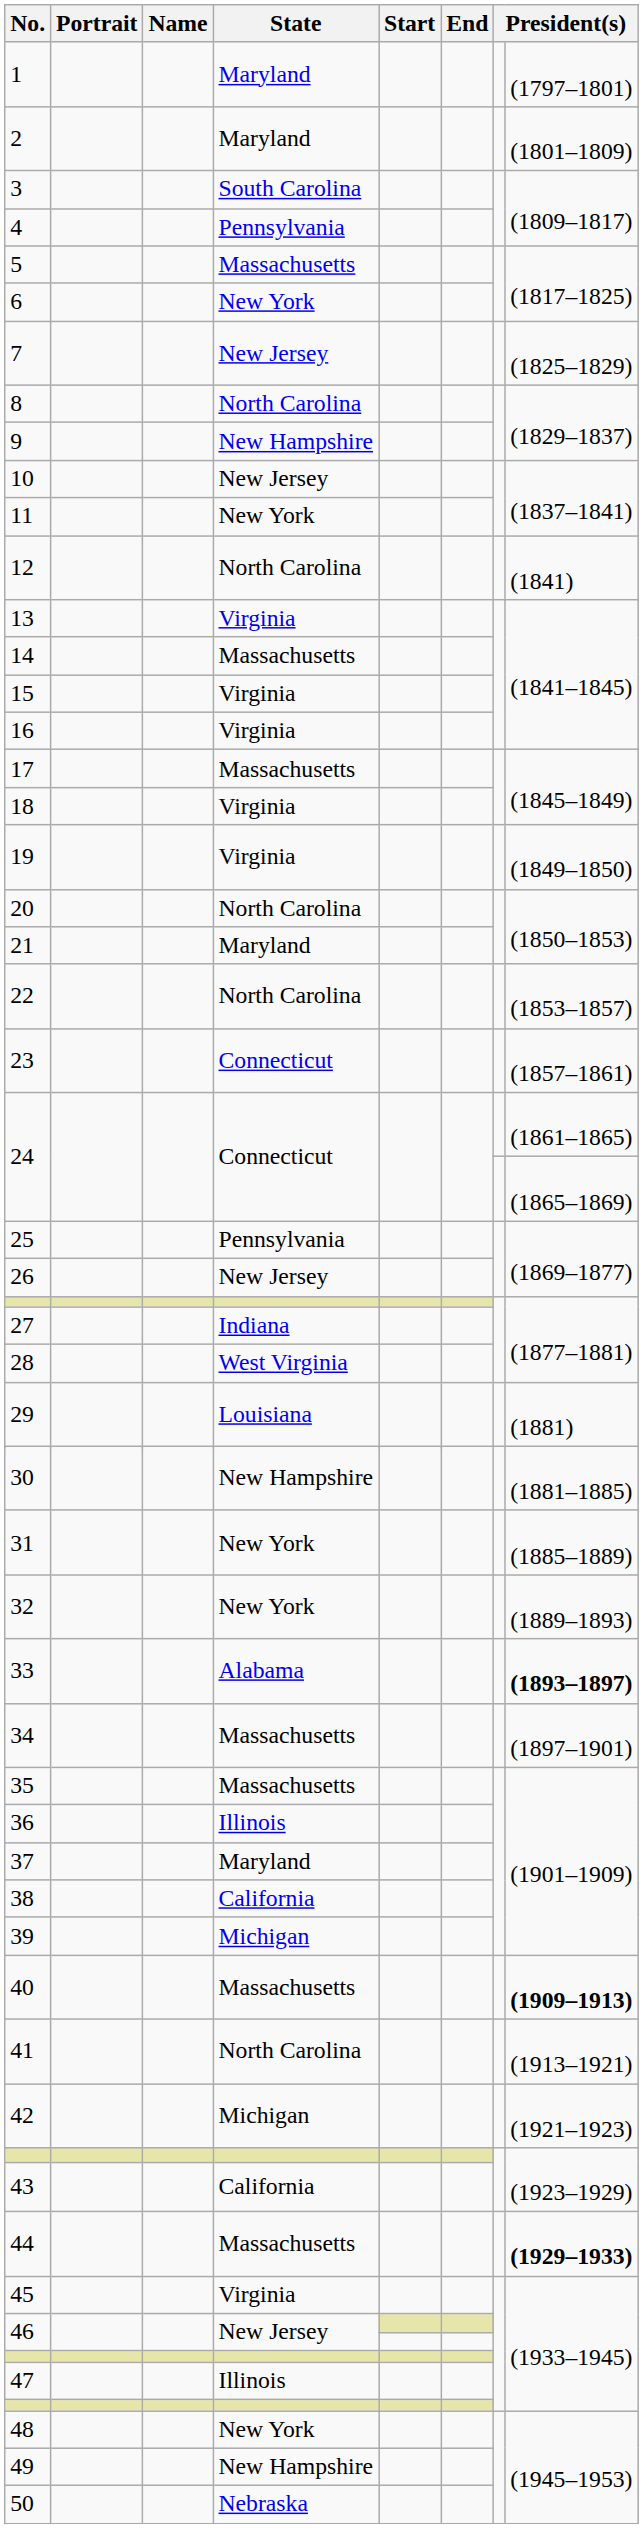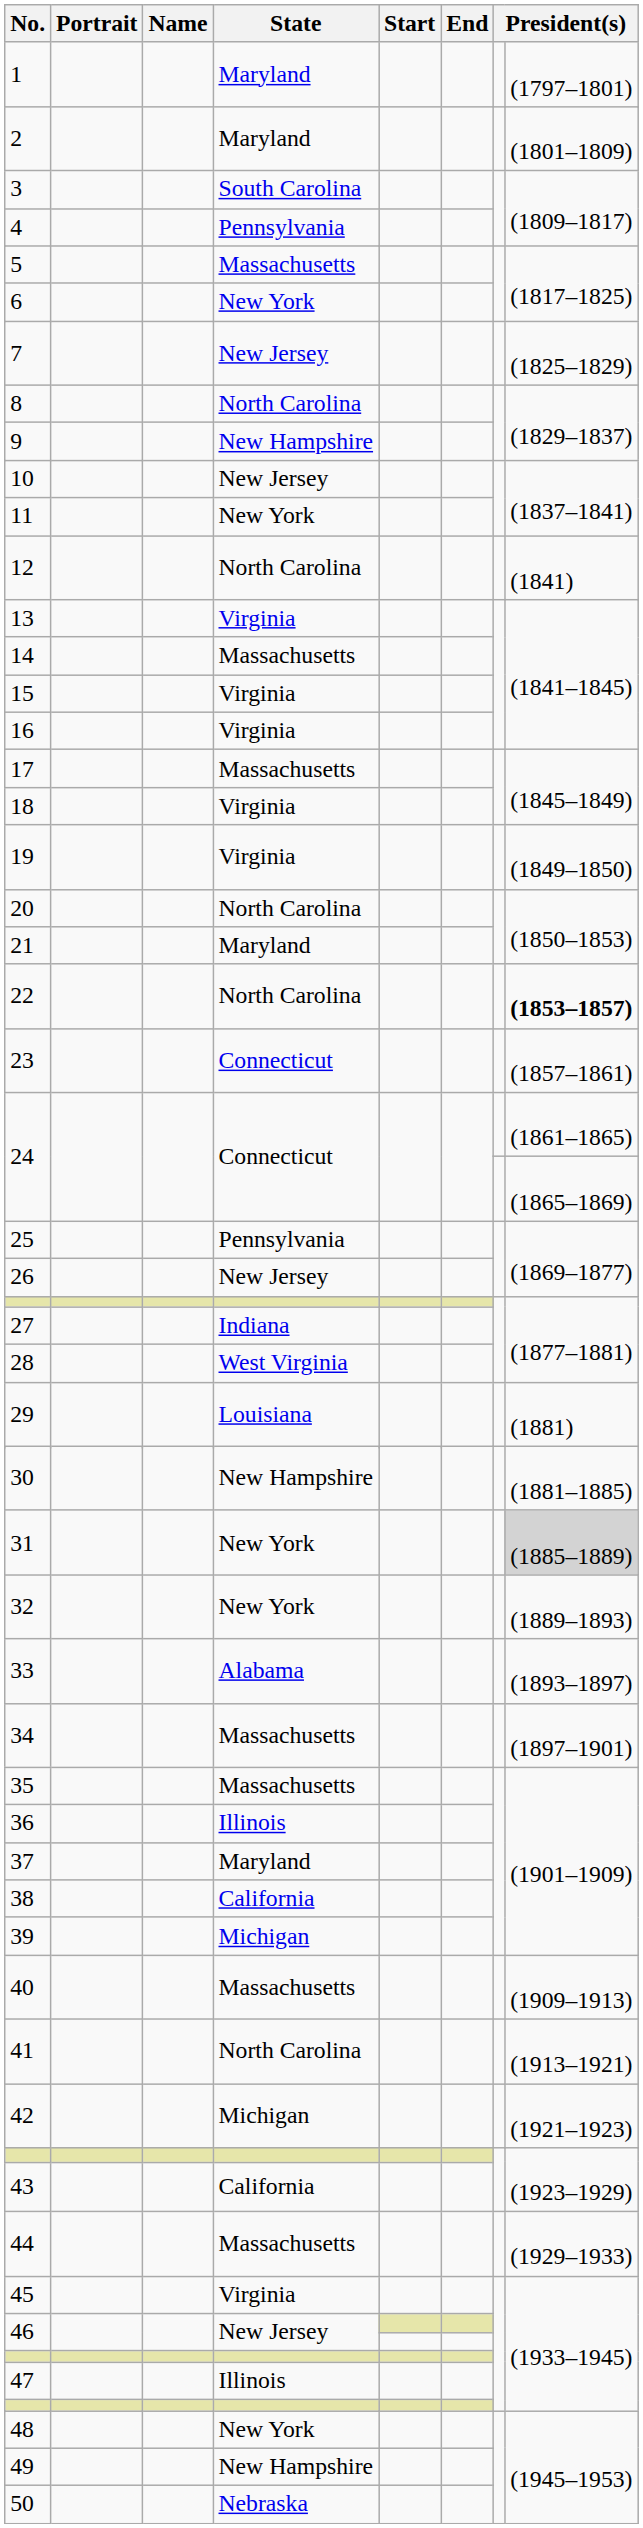 <table class="wikitable sortable">
 <tr>
 <th>No.</th>
 <th class=unsortable>Portrait</th>
 <th>Name</th>
 <th>State</th>
 <th>Start</th>
 <th>End</th>
 <th colspan=2>President(s)</th>
 </tr>
 <tr>
 <td rowspan=2>1</td>
 <td rowspan=2></td>
 <td rowspan=2></td>
 <td rowspan=2><a href='#'>Maryland</a></td>
 <td rowspan=2></td>
 <td rowspan=2></td>
 <td style="background: "></td>
 <td><br>(1797–1801)</td>
 </tr>
 <tr>
 <td rowspan=2 style="background: "></td>
 <td rowspan=2><br>(1801–1809)</td>
 </tr>
 <tr>
 <td>2</td>
 <td></td>
 <td></td>
 <td>Maryland</td>
 <td></td>
 <td></td>
 </tr>
 <tr>
 <td>3</td>
 <td></td>
 <td></td>
 <td><a href='#'>South Carolina</a></td>
 <td></td>
 <td></td>
 <td rowspan=3 style="background: "></td>
 <td rowspan=3><br>(1809–1817)</td>
 </tr>
 <tr>
 <td>4</td>
 <td></td>
 <td></td>
 <td><a href='#'>Pennsylvania</a></td>
 <td></td>
 <td></td>
 </tr>
 <tr>
 <td rowspan=2>5</td>
 <td rowspan=2></td>
 <td rowspan=2></td>
 <td rowspan=2><a href='#'>Massachusetts</a></td>
 <td rowspan=2></td>
 <td rowspan=2></td>
 </tr>
 <tr>
 <td rowspan=3 style="background: "></td>
 <td rowspan=3><br>(1817–1825)</td>
 </tr>
 <tr>
 <td>6</td>
 <td></td>
 <td></td>
 <td><a href='#'>New York</a></td>
 <td></td>
 <td></td>
 </tr>
 <tr>
 <td rowspan=2>7</td>
 <td rowspan=2></td>
 <td rowspan=2></td>
 <td rowspan=2><a href='#'>New Jersey</a></td>
 <td rowspan=2></td>
 <td rowspan=2></td>
 </tr>
 <tr>
 <td style="background: "></td>
 <td><br>(1825–1829)</td>
 </tr>
 <tr>
 <td>8</td>
 <td></td>
 <td></td>
 <td><a href='#'>North Carolina</a></td>
 <td></td>
 <td></td>
 <td rowspan=3 style="background: "></td>
 <td rowspan=3><br>(1829–1837)</td>
 </tr>
 <tr>
 <td>9</td>
 <td></td>
 <td></td>
 <td><a href='#'>New Hampshire</a></td>
 <td></td>
 <td></td>
 </tr>
 <tr>
 <td rowspan=2>10</td>
 <td rowspan=2></td>
 <td rowspan=2></td>
 <td rowspan=2>New Jersey</td>
 <td rowspan=2></td>
 <td rowspan=2></td>
 </tr>
 <tr>
 <td rowspan=2 style="background: "></td>
 <td rowspan=2><br>(1837–1841)</td>
 </tr>
 <tr>
 <td>11</td>
 <td></td>
 <td></td>
 <td>New York</td>
 <td></td>
 <td></td>
 </tr>
 <tr>
 <td rowspan=2>12</td>
 <td rowspan=2></td>
 <td rowspan=2></td>
 <td rowspan=2>North Carolina</td>
 <td rowspan=2></td>
 <td rowspan=2></td>
 <td style="background: "></td>
 <td><br>(1841)</td>
 </tr>
 <tr>
 <td rowspan=5 style="background: "></td>
 <td rowspan=5><br>(1841–1845)</td>
 </tr>
 <tr>
 <td>13</td>
 <td></td>
 <td></td>
 <td><a href='#'>Virginia</a></td>
 <td></td>
 <td></td>
 </tr>
 <tr>
 <td>14</td>
 <td></td>
 <td></td>
 <td>Massachusetts</td>
 <td></td>
 <td></td>
 </tr>
 <tr>
 <td>15</td>
 <td></td>
 <td></td>
 <td>Virginia</td>
 <td></td>
 <td></td>
 </tr>
 <tr>
 <td>16</td>
 <td></td>
 <td></td>
 <td>Virginia</td>
 <td></td>
 <td></td>
 </tr>
 <tr>
 <td>17</td>
 <td></td>
 <td></td>
 <td>Massachusetts</td>
 <td></td>
 <td></td>
 <td rowspan=2 style="background: "></td>
 <td rowspan=2><br>(1845–1849)</td>
 </tr>
 <tr>
 <td>18</td>
 <td></td>
 <td></td>
 <td>Virginia</td>
 <td></td>
 <td></td>
 </tr>
 <tr>
 <td>19</td>
 <td></td>
 <td></td>
 <td>Virginia</td>
 <td></td>
 <td></td>
 <td style="background: "></td>
 <td><br>(1849–1850)</td>
 </tr>
 <tr>
 <td>20</td>
 <td></td>
 <td></td>
 <td>North Carolina</td>
 <td></td>
 <td></td>
 <td rowspan=2 style="background: "></td>
 <td rowspan=2><br>(1850–1853)</td>
 </tr>
 <tr>
 <td>21</td>
 <td></td>
 <td></td>
 <td>Maryland</td>
 <td></td>
 <td></td>
 </tr>
 <tr>
 <td>22</td>
 <td></td>
 <td></td>
 <td>North Carolina</td>
 <td></td>
 <td></td>
 <td style="background: "></td>
-<td><br>(1853–1857)</td>
+<td><strong><br>(1853–1857)</strong></td>
 </tr>
 <tr>
 <td>23</td>
 <td></td>
 <td></td>
 <td><a href='#'>Connecticut</a></td>
 <td></td>
 <td></td>
 <td style="background: "></td>
 <td><br>(1857–1861)</td>
 </tr>
 <tr>
 <td rowspan=2>24</td>
 <td rowspan=2></td>
 <td rowspan=2></td>
 <td rowspan=2>Connecticut</td>
 <td rowspan=2></td>
 <td rowspan=2></td>
 <td style="background: "></td>
 <td><br>(1861–1865)</td>
 </tr>
 <tr>
 <td style="background: "></td>
 <td><br>(1865–1869)</td>
 </tr>
 <tr>
 <td>25</td>
 <td></td>
 <td></td>
 <td>Pennsylvania</td>
 <td></td>
 <td></td>
 <td rowspan=2 style="background: "></td>
 <td rowspan=2><br>(1869–1877)</td>
 </tr>
 <tr>
 <td>26</td>
 <td></td>
 <td></td>
 <td>New Jersey</td>
 <td></td>
 <td></td>
 </tr>
 <tr>
 <td style="background:#e6e6aa;"></td>
 <td style="background:#e6e6aa;"></td>
 <td style="background:#e6e6aa;"></td>
 <td style="background:#e6e6aa;"></td>
 <td style="background:#e6e6aa;"></td>
 <td style="background:#e6e6aa;"></td>
 <td rowspan=3 style="background: "></td>
 <td rowspan=3><br>(1877–1881)</td>
 </tr>
 <tr>
 <td>27</td>
 <td></td>
 <td></td>
 <td><a href='#'>Indiana</a></td>
 <td></td>
 <td></td>
 </tr>
 <tr>
 <td>28</td>
 <td></td>
 <td></td>
 <td><a href='#'>West Virginia</a></td>
 <td></td>
 <td></td>
 </tr>
 <tr>
 <td rowspan=2>29</td>
 <td rowspan=2></td>
 <td rowspan=2></td>
 <td rowspan=2><a href='#'>Louisiana</a></td>
 <td rowspan=2></td>
 <td rowspan=2></td>
 <td style="background: "></td>
 <td><br>(1881)</td>
 </tr>
 <tr>
 <td rowspan=2 style="background: "></td>
 <td rowspan=2><br>(1881–1885)</td>
 </tr>
 <tr>
 <td>30</td>
 <td></td>
 <td></td>
 <td>New Hampshire</td>
 <td></td>
 <td></td>
 </tr>
 <tr>
 <td>31</td>
 <td></td>
 <td></td>
 <td>New York</td>
 <td></td>
 <td></td>
 <td style="background: "></td>
-<td><br>(1885–1889)</td>
+<td style="background: lightgrey;"><br>(1885–1889)</td>
 </tr>
 <tr>
 <td>32</td>
 <td></td>
 <td></td>
 <td>New York</td>
 <td></td>
 <td></td>
 <td style="background: "></td>
 <td><br>(1889–1893)</td>
 </tr>
 <tr>
 <td>33</td>
 <td></td>
 <td></td>
 <td><a href='#'>Alabama</a></td>
 <td></td>
 <td></td>
 <td style="background: "></td>
-<td><strong><br>(1893–1897)</strong></td>
+<td><br>(1893–1897)</td>
 </tr>
 <tr>
 <td rowspan=2>34</td>
 <td rowspan=2></td>
 <td rowspan=2></td>
 <td rowspan=2>Massachusetts</td>
 <td rowspan=2></td>
 <td rowspan=2></td>
 <td style="background: "></td>
 <td><br>(1897–1901)</td>
 </tr>
 <tr>
 <td rowspan=6 style="background: "></td>
 <td rowspan=6><br>(1901–1909)</td>
 </tr>
 <tr>
 <td>35</td>
 <td></td>
 <td></td>
 <td>Massachusetts</td>
 <td></td>
 <td></td>
 </tr>
 <tr>
 <td>36</td>
 <td></td>
 <td></td>
 <td><a href='#'>Illinois</a></td>
 <td></td>
 <td></td>
 </tr>
 <tr>
 <td>37</td>
 <td></td>
 <td></td>
 <td>Maryland</td>
 <td></td>
 <td></td>
 </tr>
 <tr>
 <td>38</td>
 <td></td>
 <td></td>
 <td><a href='#'>California</a></td>
 <td></td>
 <td></td>
 </tr>
 <tr>
 <td>39</td>
 <td></td>
 <td></td>
 <td><a href='#'>Michigan</a></td>
 <td></td>
 <td></td>
 </tr>
 <tr>
 <td>40</td>
 <td></td>
 <td></td>
 <td>Massachusetts</td>
 <td></td>
 <td></td>
 <td style="background: "></td>
-<td><strong><br>(1909–1913)</strong></td>
+<td><br>(1909–1913)</td>
 </tr>
 <tr>
 <td>41</td>
 <td></td>
 <td></td>
 <td>North Carolina</td>
 <td></td>
 <td></td>
 <td style="background: "></td>
 <td><br>(1913–1921)</td>
 </tr>
 <tr>
 <td rowspan=2>42</td>
 <td rowspan=2></td>
 <td rowspan=2></td>
 <td rowspan=2>Michigan</td>
 <td rowspan=2></td>
 <td rowspan=2></td>
 <td style="background: "></td>
 <td><br>(1921–1923)</td>
 </tr>
 <tr>
 <td rowspan=3 style="background: "></td>
 <td rowspan=3><br>(1923–1929)</td>
 </tr>
 <tr>
 <td style="background:#e6e6aa;"></td>
 <td style="background:#e6e6aa;"></td>
 <td style="background:#e6e6aa;"></td>
 <td style="background:#e6e6aa;"></td>
 <td style="background:#e6e6aa;"></td>
 <td style="background:#e6e6aa;"></td>
 </tr>
 <tr>
 <td>43</td>
 <td></td>
 <td></td>
 <td>California</td>
 <td></td>
 <td></td>
 </tr>
 <tr>
 <td>44</td>
 <td></td>
 <td></td>
 <td>Massachusetts</td>
 <td></td>
 <td></td>
 <td style="background: "></td>
-<td><strong><br>(1929–1933)</strong></td>
+<td><br>(1929–1933)</td>
 </tr>
 <tr>
 <td>45</td>
 <td></td>
 <td></td>
 <td>Virginia</td>
 <td></td>
 <td></td>
 <td rowspan=7 style="background: "></td>
 <td rowspan=7><br>(1933–1945)</td>
 </tr>
 <tr>
 <td rowspan=2>46</td>
 <td rowspan=2></td>
 <td rowspan=2></td>
 <td rowspan=2>New Jersey</td>
 <td style="background:#e6e6aa;"></td>
 <td style="background:#e6e6aa;"></td>
 </tr>
 <tr>
 <td></td>
 <td></td>
 </tr>
 <tr>
 <td style="background:#e6e6aa;"></td>
 <td style="background:#e6e6aa;"></td>
 <td style="background:#e6e6aa;"></td>
 <td style="background:#e6e6aa;"></td>
 <td style="background:#e6e6aa;"></td>
 <td style="background:#e6e6aa;"></td>
 </tr>
 <tr>
 <td>47</td>
 <td></td>
 <td></td>
 <td>Illinois</td>
 <td></td>
 <td></td>
 </tr>
 <tr>
 <td style="background:#e6e6aa;"></td>
 <td style="background:#e6e6aa;"></td>
 <td style="background:#e6e6aa;"></td>
 <td style="background:#e6e6aa;"></td>
 <td style="background:#e6e6aa;"></td>
 <td style="background:#e6e6aa;"></td>
 </tr>
 <tr>
 <td rowspan=2>48</td>
 <td rowspan=2></td>
 <td rowspan=2></td>
 <td rowspan=2>New York</td>
 <td rowspan=2></td>
 <td rowspan=2></td>
 </tr>
 <tr>
 <td rowspan=3 style="background: "></td>
 <td rowspan=3><br>(1945–1953)</td>
 </tr>
 <tr>
 <td>49</td>
 <td></td>
 <td></td>
 <td>New Hampshire</td>
 <td></td>
 <td></td>
 </tr>
 <tr>
 <td>50</td>
 <td></td>
 <td></td>
 <td><a href='#'>Nebraska</a></td>
 <td></td>
 <td></td>
 </tr>
 </table>
